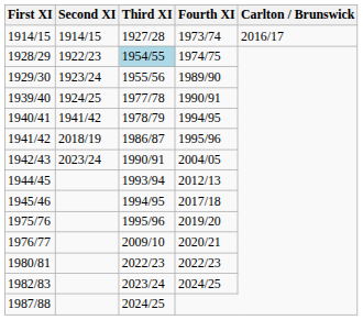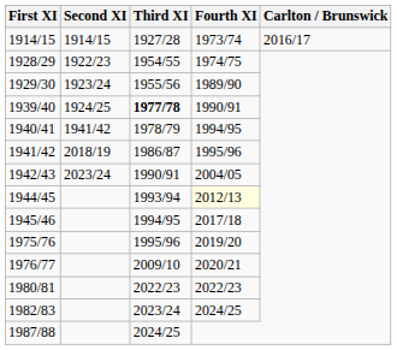 <table class="wikitable">
 <tr>
 <th>First XI</th>
 <th>Second XI</th>
 <th>Third XI</th>
 <th>Fourth XI</th>
 <th>Carlton / Brunswick</th>
 </tr>
 <tr>
 <td>1914/15</td>
 <td>1914/15</td>
 <td>1927/28</td>
 <td>1973/74</td>
 <td>2016/17</td>
 </tr>
 <tr>
 <td>1928/29</td>
 <td>1922/23</td>
-<td style="background: lightblue;">1954/55</td>
+<td>1954/55</td>
 <td>1974/75</td>
 </tr>
 <tr>
 <td>1929/30</td>
 <td>1923/24</td>
 <td>1955/56</td>
 <td>1989/90</td>
 </tr>
 <tr>
 <td>1939/40</td>
 <td>1924/25</td>
-<td>1977/78</td>
+<td><strong>1977/78</strong></td>
 <td>1990/91</td>
 </tr>
 <tr>
 <td>1940/41</td>
 <td>1941/42</td>
 <td>1978/79</td>
 <td>1994/95</td>
 </tr>
 <tr>
 <td>1941/42</td>
 <td>2018/19</td>
 <td>1986/87</td>
 <td>1995/96</td>
 </tr>
 <tr>
 <td>1942/43</td>
 <td>2023/24</td>
 <td>1990/91</td>
 <td>2004/05</td>
 </tr>
 <tr>
 <td>1944/45</td>
 <td></td>
 <td>1993/94</td>
-<td>2012/13</td>
+<td style="background: lightyellow;">2012/13</td>
 </tr>
 <tr>
 <td>1945/46</td>
 <td></td>
 <td>1994/95</td>
 <td>2017/18</td>
 </tr>
 <tr>
 <td>1975/76</td>
 <td></td>
 <td>1995/96</td>
 <td>2019/20</td>
 </tr>
 <tr>
 <td>1976/77</td>
 <td></td>
 <td>2009/10</td>
 <td>2020/21</td>
 </tr>
 <tr>
 <td>1980/81</td>
 <td></td>
 <td>2022/23</td>
 <td>2022/23</td>
 </tr>
 <tr>
 <td>1982/83</td>
 <td></td>
 <td>2023/24</td>
 <td>2024/25</td>
 </tr>
 <tr>
 <td>1987/88</td>
 <td></td>
 <td>2024/25</td>
 </tr>
 </table>
